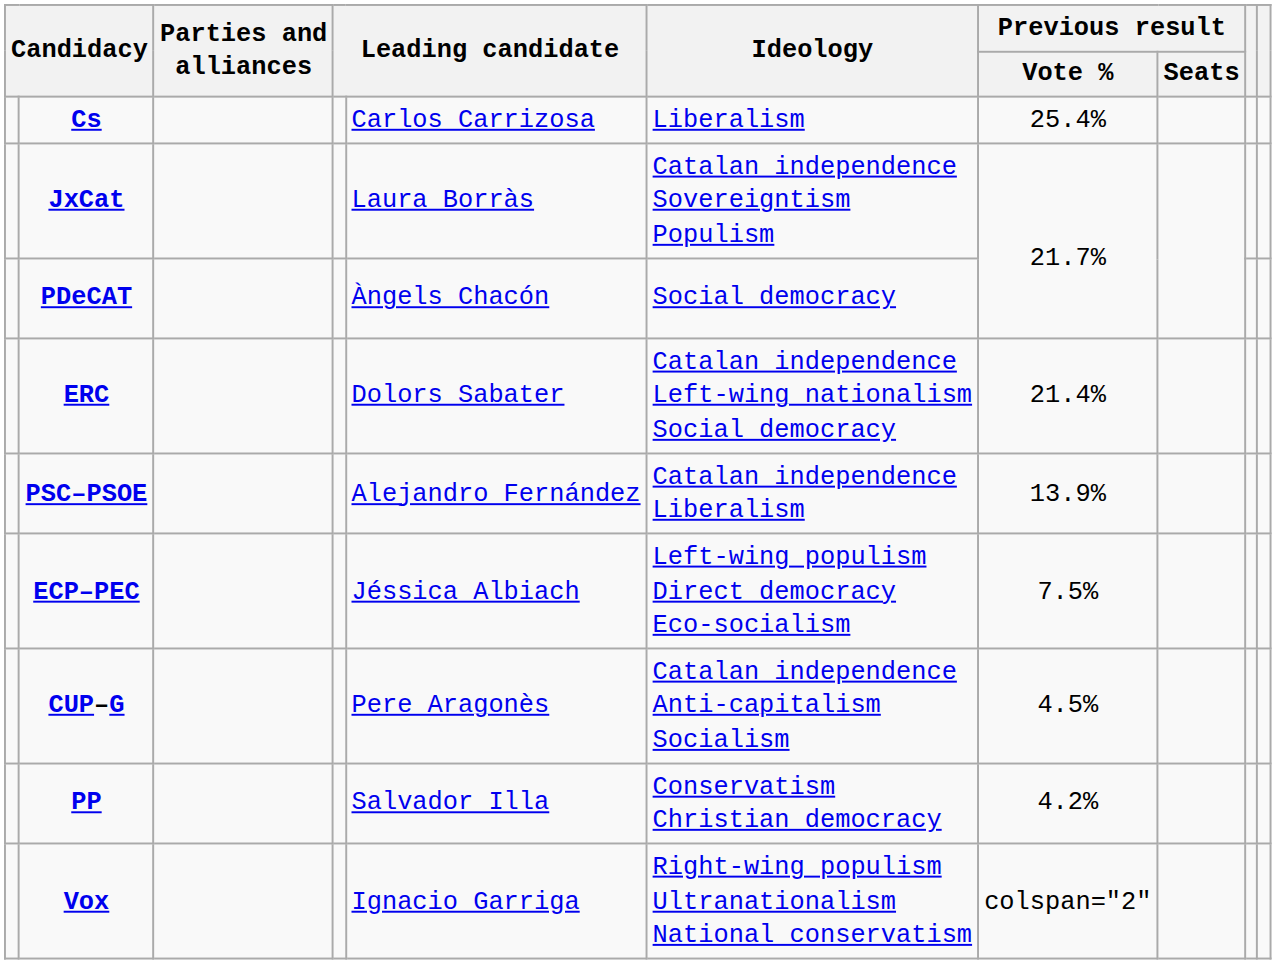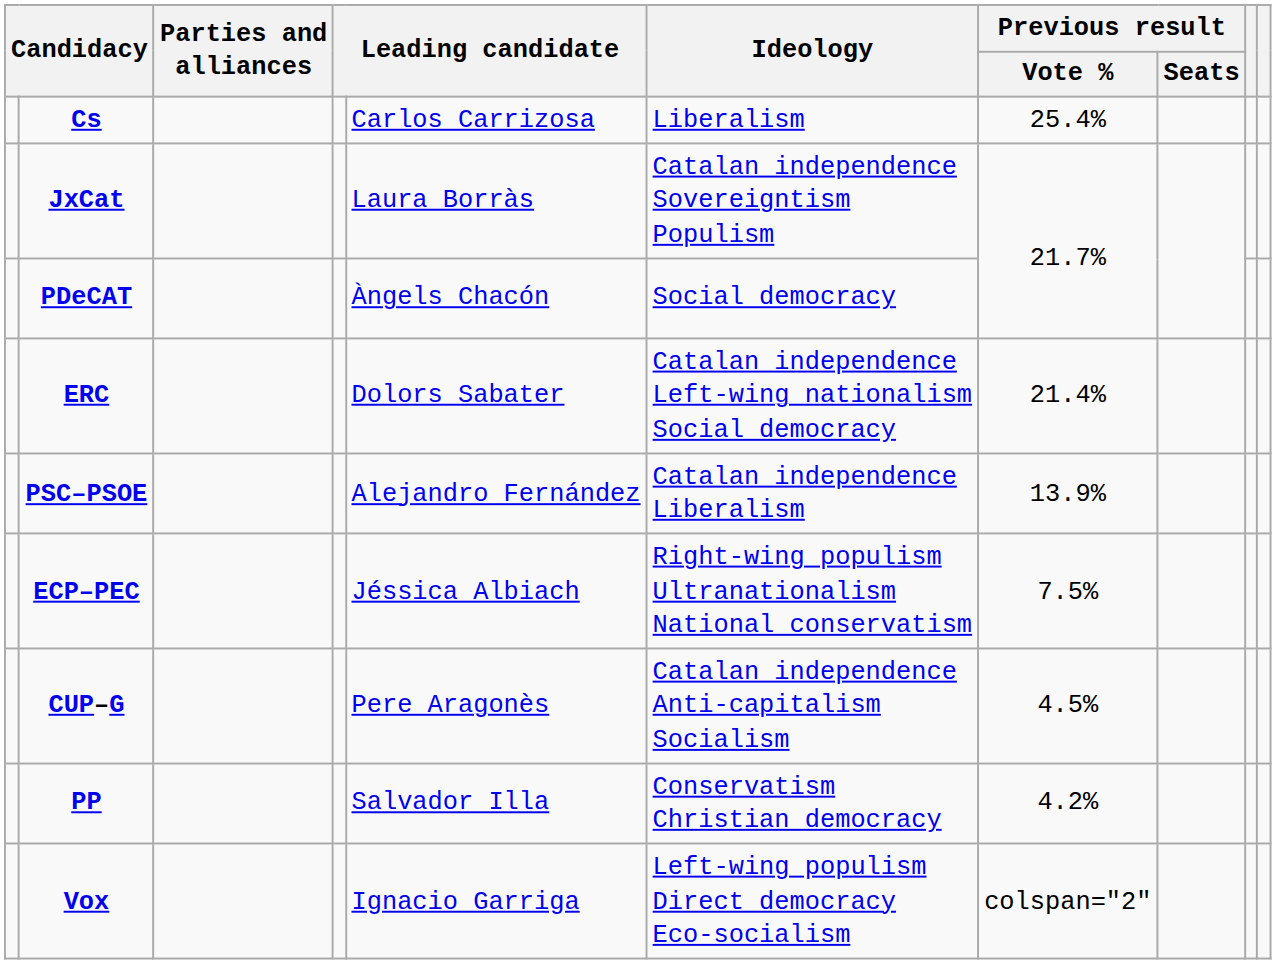 <table class="wikitable" style="line-height:1.35em; text-align:left;">
 <tr>
 <th colspan="2" rowspan="2">Candidacy</th>
 <th rowspan="2">Parties and<br>alliances</th>
 <th colspan="2" rowspan="2">Leading candidate</th>
 <th rowspan="2">Ideology</th>
 <th colspan="2">Previous result</th>
 <th rowspan="2"></th>
 <th rowspan="2"></th>
 </tr>
 <tr>
 <th>Vote %</th>
 <th>Seats</th>
 </tr>
 <tr>
 <td width="1" style="color:inherit;background:"></td>
 <td align="center"><strong><a href='#'>Cs</a></strong></td>
 <td></td>
 <td></td>
 <td><a href='#'>Carlos Carrizosa</a></td>
 <td><a href='#'>Liberalism</a></td>
 <td align="center">25.4%</td>
 <td></td>
 <td></td>
 <td></td>
 </tr>
 <tr>
 <td style="color:inherit;background:"></td>
 <td align="center"><strong><a href='#'>JxCat</a></strong></td>
 <td></td>
 <td></td>
 <td><a href='#'>Laura Borràs</a></td>
 <td><a href='#'>Catalan independence</a><br><a href='#'>Sovereigntism</a><br><a href='#'>Populism</a></td>
 <td rowspan="2" align="center"><br>21.7%<br></td>
 <td rowspan="2"></td>
 <td></td>
 <td><br><br><br></td>
 </tr>
 <tr>
 <td style="color:inherit;background:"></td>
 <td align="center"><strong><a href='#'>PDeCAT</a></strong></td>
 <td></td>
 <td></td>
 <td><a href='#'>Àngels Chacón</a></td>
 <td><a href='#'>Social democracy</a></td>
 <td></td>
 <td><br><br></td>
 </tr>
 <tr>
 <td style="color:inherit;background:"></td>
 <td align="center"><strong><a href='#'>ERC</a></strong></td>
 <td></td>
 <td></td>
 <td><a href='#'>Dolors Sabater</a></td>
 <td><a href='#'>Catalan independence</a><br><a href='#'>Left-wing nationalism</a><br><a href='#'>Social democracy</a></td>
 <td align="center">21.4%</td>
 <td></td>
 <td></td>
 <td><br></td>
 </tr>
 <tr>
 <td style="color:inherit;background:"></td>
 <td align="center"><strong><a href='#'>PSC–PSOE</a></strong></td>
 <td></td>
 <td></td>
 <td><a href='#'>Alejandro Fernández</a></td>
 <td><a href='#'>Catalan independence</a><br><a href='#'>Liberalism</a></td>
 <td align="center">13.9%</td>
 <td></td>
 <td></td>
 <td><br></td>
 </tr>
 <tr>
 <td style="color:inherit;background:"></td>
 <td align="center"><strong><a href='#'>ECP–PEC</a></strong></td>
 <td></td>
 <td></td>
 <td><a href='#'>Jéssica Albiach</a></td>
-<td><a href='#'>Left-wing populism</a><br><a href='#'>Direct democracy</a><br><a href='#'>Eco-socialism</a></td>
+<td><a href='#'>Right-wing populism</a><br><a href='#'>Ultranationalism</a><br><a href='#'>National conservatism</a></td>
 <td align="center">7.5%</td>
 <td></td>
 <td></td>
 <td><br><br></td>
 </tr>
 <tr>
 <td style="color:inherit;background:"></td>
 <td align="center"><strong><a href='#'>CUP</a>–<a href='#'>G</a></strong></td>
 <td></td>
 <td></td>
 <td><a href='#'>Pere Aragonès</a></td>
 <td><a href='#'>Catalan independence</a><br><a href='#'>Anti-capitalism</a><br><a href='#'>Socialism</a></td>
 <td align="center">4.5%</td>
 <td></td>
 <td></td>
 <td><br></td>
 </tr>
 <tr>
 <td style="color:inherit;background:"></td>
 <td align="center"><strong><a href='#'>PP</a></strong></td>
 <td></td>
 <td></td>
 <td><a href='#'>Salvador Illa</a></td>
 <td><a href='#'>Conservatism</a><br><a href='#'>Christian democracy</a></td>
 <td align="center">4.2%</td>
 <td></td>
 <td></td>
 <td><br></td>
 </tr>
 <tr>
 <td style="color:inherit;background:"></td>
 <td align="center"><strong><a href='#'>Vox</a></strong></td>
 <td></td>
 <td></td>
 <td><a href='#'>Ignacio Garriga</a></td>
-<td><a href='#'>Right-wing populism</a><br><a href='#'>Ultranationalism</a><br><a href='#'>National conservatism</a></td>
+<td><a href='#'>Left-wing populism</a><br><a href='#'>Direct democracy</a><br><a href='#'>Eco-socialism</a></td>
 <td>colspan="2" </td>
 <td></td>
 <td></td>
 </tr>
 </table>
